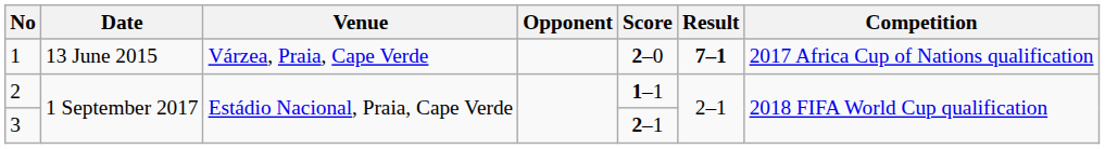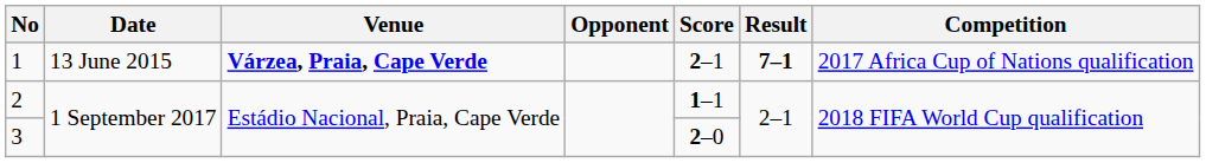 <table class="wikitable" style="font-size:85%;">
 <tr>
 <th>No</th>
 <th>Date</th>
 <th>Venue</th>
 <th>Opponent</th>
 <th>Score</th>
 <th>Result</th>
 <th>Competition</th>
 </tr>
 <tr>
 <td>1</td>
 <td>13 June 2015</td>
-<td><a href='#'>Várzea</a>, <a href='#'>Praia</a>, <a href='#'>Cape Verde</a></td>
+<td><strong><a href='#'>Várzea</a>, <a href='#'>Praia</a>, <a href='#'>Cape Verde</a></strong></td>
 <td></td>
-<td align=center><strong>2</strong>–0</td>
+<td align=center><strong>2</strong>–1</td>
 <td align=center><strong>7–1</strong></td>
 <td><a href='#'>2017 Africa Cup of Nations qualification</a></td>
 </tr>
 <tr>
 <td>2</td>
 <td rowspan="2">1 September 2017</td>
 <td rowspan="2"><a href='#'>Estádio Nacional</a>, Praia, Cape Verde</td>
 <td rowspan="2"></td>
 <td align=center><strong>1</strong>–1</td>
 <td rowspan="2" align=center>2–1</td>
 <td rowspan="2"><a href='#'>2018 FIFA World Cup qualification</a></td>
 </tr>
 <tr>
 <td>3</td>
-<td align=center><strong>2</strong>–1</td>
+<td align=center><strong>2</strong>–0</td>
 </tr>
 </table>
